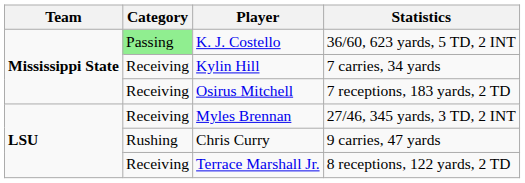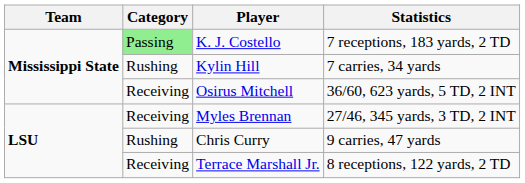 <table class="wikitable" style="float: left;">
 <tr>
 <th>Team</th>
 <th>Category</th>
 <th>Player</th>
 <th>Statistics</th>
 </tr>
 <tr>
 <td rowspan=3><strong>Mississippi State</strong></td>
 <td style="background: lightgreen;">Passing</td>
 <td><a href='#'>K. J. Costello</a></td>
-<td>36/60, 623 yards, 5 TD, 2 INT</td>
+<td>7 receptions, 183 yards, 2 TD</td>
 </tr>
 <tr>
-<td>Receiving</td>
+<td>Rushing</td>
 <td><a href='#'>Kylin Hill</a></td>
 <td>7 carries, 34 yards</td>
 </tr>
 <tr>
 <td>Receiving</td>
 <td><a href='#'>Osirus Mitchell</a></td>
-<td>7 receptions, 183 yards, 2 TD</td>
+<td>36/60, 623 yards, 5 TD, 2 INT</td>
 </tr>
 <tr>
 <td rowspan=3><strong>LSU</strong></td>
 <td>Receiving</td>
 <td><a href='#'>Myles Brennan</a></td>
 <td>27/46, 345 yards, 3 TD, 2 INT</td>
 </tr>
 <tr>
 <td>Rushing</td>
 <td>Chris Curry</td>
 <td>9 carries, 47 yards</td>
 </tr>
 <tr>
 <td>Receiving</td>
 <td><a href='#'>Terrace Marshall Jr.</a></td>
 <td>8 receptions, 122 yards, 2 TD</td>
 </tr>
 </table>
